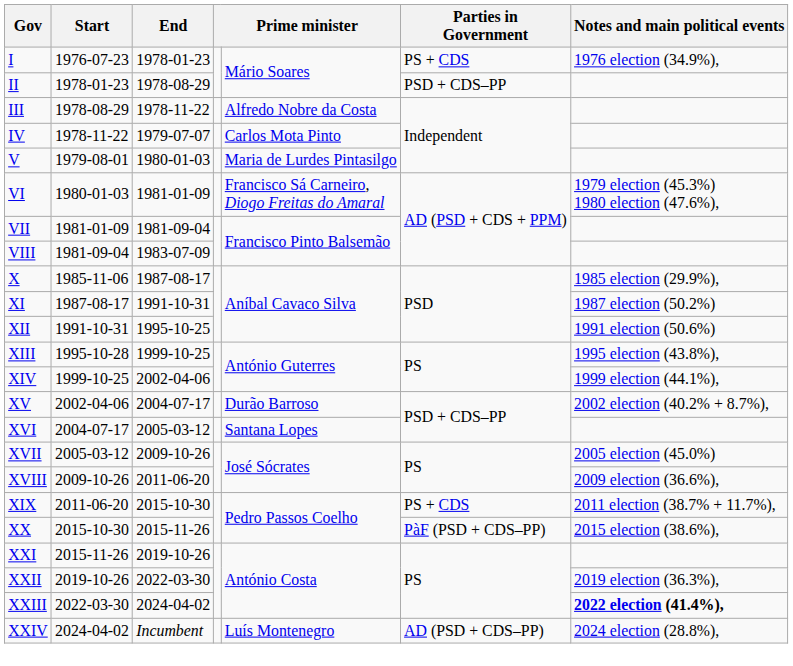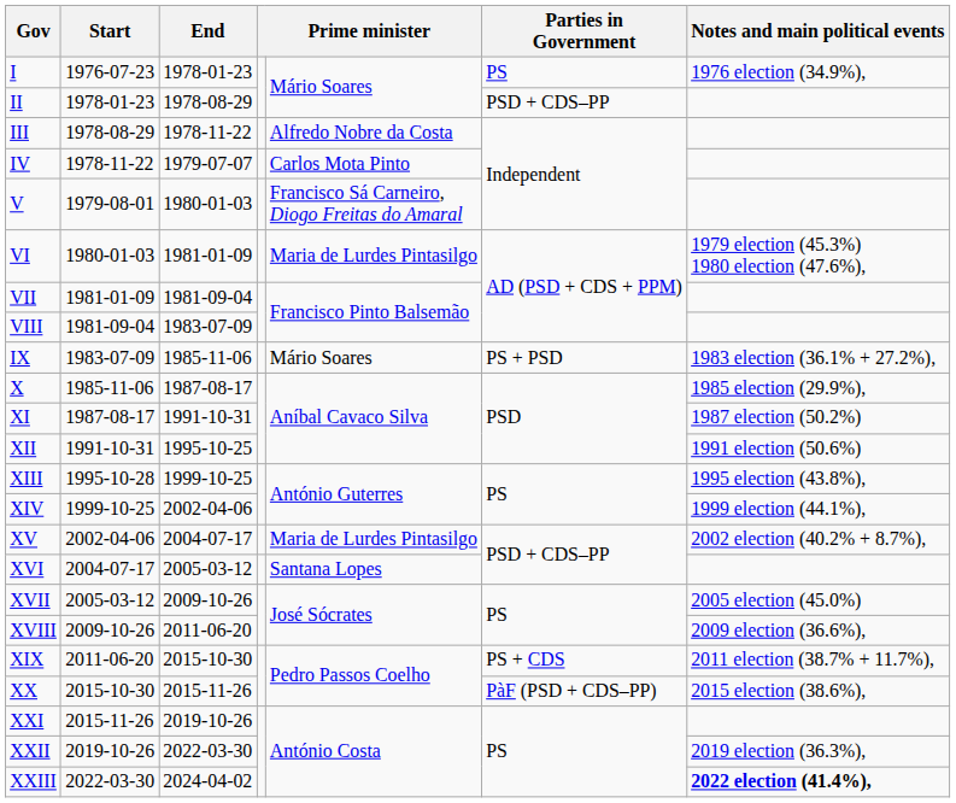 <table class="wikitable">
 <tr>
 <th>Gov</th>
 <th>Start</th>
 <th>End</th>
 <th colspan=2>Prime minister</th>
 <th>Parties in<br>Government</th>
 <th>Notes and main political events</th>
 </tr>
 <tr>
 <td><a href='#'>I</a></td>
 <td>1976-07-23</td>
 <td>1978-01-23</td>
 <td rowspan="2" style="background:"></td>
 <td rowspan="2"><a href='#'>Mário Soares</a></td>
-<td>PS + <a href='#'>CDS</a></td>
+<td><a href='#'>PS</a></td>
 <td><a href='#'>1976 election</a> (34.9%), </td>
 </tr>
 <tr>
 <td><a href='#'>II</a></td>
 <td>1978-01-23</td>
 <td>1978-08-29</td>
 <td>PSD + CDS–PP</td>
 <td></td>
 </tr>
 <tr>
 <td><a href='#'>III</a></td>
 <td>1978-08-29</td>
 <td>1978-11-22</td>
 <td style="background:"></td>
 <td><a href='#'>Alfredo Nobre da Costa</a></td>
 <td rowspan="3">Independent</td>
 <td></td>
 </tr>
 <tr>
 <td><a href='#'>IV</a></td>
 <td>1978-11-22</td>
 <td>1979-07-07</td>
 <td style="background:"></td>
 <td><a href='#'>Carlos Mota Pinto</a></td>
 <td></td>
 </tr>
 <tr>
 <td><a href='#'>V</a></td>
 <td>1979-08-01</td>
 <td>1980-01-03</td>
 <td style="background:"></td>
-<td><a href='#'>Maria de Lurdes Pintasilgo</a></td>
+<td><a href='#'>Francisco Sá Carneiro</a>,<br><em><a href='#'>Diogo Freitas do Amaral</a></em></td>
 <td></td>
 </tr>
 <tr>
 <td><a href='#'>VI</a></td>
 <td>1980-01-03</td>
 <td>1981-01-09</td>
 <td style="background: linear-gradient("></td>
-<td><a href='#'>Francisco Sá Carneiro</a>,<br><em><a href='#'>Diogo Freitas do Amaral</a></em></td>
+<td><a href='#'>Maria de Lurdes Pintasilgo</a></td>
 <td rowspan="3"><a href='#'>AD</a> (<a href='#'>PSD</a> + CDS + <a href='#'>PPM</a>)</td>
 <td><a href='#'>1979 election</a> (45.3%)<br><a href='#'>1980 election</a> (47.6%), </td>
 </tr>
 <tr>
 <td><a href='#'>VII</a></td>
 <td>1981-01-09</td>
 <td>1981-09-04</td>
 <td rowspan="2" style="background:"></td>
 <td rowspan="2"><a href='#'>Francisco Pinto Balsemão</a></td>
 <td></td>
 </tr>
 <tr>
 <td><a href='#'>VIII</a></td>
 <td>1981-09-04</td>
 <td>1983-07-09</td>
 <td></td>
+</tr>
+<tr>
+<td><a href='#'>IX</a></td>
+<td>1983-07-09</td>
+<td>1985-11-06</td>
+<td style="background:"></td>
+<td>Mário Soares</td>
+<td>PS + PSD</td>
+<td><a href='#'>1983 election</a> (36.1% + 27.2%), </td>
 </tr>
 <tr>
 <td><a href='#'>X</a></td>
 <td>1985-11-06</td>
 <td>1987-08-17</td>
 <td rowspan="3" style="background:"></td>
 <td rowspan="3"><a href='#'>Aníbal Cavaco Silva</a></td>
 <td rowspan="3">PSD</td>
 <td><a href='#'>1985 election</a> (29.9%), </td>
 </tr>
 <tr>
 <td><a href='#'>XI</a></td>
 <td>1987-08-17</td>
 <td>1991-10-31</td>
 <td><a href='#'>1987 election</a> (50.2%)</td>
 </tr>
 <tr>
 <td><a href='#'>XII</a></td>
 <td>1991-10-31</td>
 <td>1995-10-25</td>
 <td><a href='#'>1991 election</a> (50.6%)</td>
 </tr>
 <tr>
 <td><a href='#'>XIII</a></td>
 <td>1995-10-28</td>
 <td>1999-10-25</td>
 <td rowspan="2" style="background:"></td>
 <td rowspan="2"><a href='#'>António Guterres</a></td>
 <td rowspan="2">PS</td>
 <td><a href='#'>1995 election</a> (43.8%), </td>
 </tr>
 <tr>
 <td><a href='#'>XIV</a></td>
 <td>1999-10-25</td>
 <td>2002-04-06</td>
 <td><a href='#'>1999 election</a> (44.1%), </td>
 </tr>
 <tr>
 <td><a href='#'>XV</a></td>
 <td>2002-04-06</td>
 <td>2004-07-17</td>
 <td style="background:"></td>
-<td><a href='#'>Durão Barroso</a></td>
+<td><a href='#'>Maria de Lurdes Pintasilgo</a></td>
 <td rowspan="2">PSD + CDS–PP</td>
 <td><a href='#'>2002 election</a> (40.2% + 8.7%), </td>
 </tr>
 <tr>
 <td><a href='#'>XVI</a></td>
 <td>2004-07-17</td>
 <td>2005-03-12</td>
 <td style="background:"></td>
 <td><a href='#'>Santana Lopes</a></td>
 <td></td>
 </tr>
 <tr>
 <td><a href='#'>XVII</a></td>
 <td>2005-03-12</td>
 <td>2009-10-26</td>
 <td rowspan="2" style="background:"></td>
 <td rowspan="2"><a href='#'>José Sócrates</a></td>
 <td rowspan="2">PS</td>
 <td><a href='#'>2005 election</a> (45.0%)</td>
 </tr>
 <tr>
 <td><a href='#'>XVIII</a></td>
 <td>2009-10-26</td>
 <td>2011-06-20</td>
 <td><a href='#'>2009 election</a> (36.6%), </td>
 </tr>
 <tr>
 <td><a href='#'>XIX</a></td>
 <td>2011-06-20</td>
 <td>2015-10-30</td>
 <td rowspan="2" style="background:"></td>
 <td rowspan="2"><a href='#'>Pedro Passos Coelho</a></td>
 <td>PS + <a href='#'>CDS</a></td>
 <td><a href='#'>2011 election</a> (38.7% + 11.7%), </td>
 </tr>
 <tr>
 <td><a href='#'>XX</a></td>
 <td>2015-10-30</td>
 <td>2015-11-26</td>
 <td><a href='#'>PàF</a> (PSD + CDS–PP)</td>
 <td><a href='#'>2015 election</a> (38.6%), </td>
 </tr>
 <tr>
 <td><a href='#'>XXI</a></td>
 <td>2015-11-26</td>
 <td>2019-10-26</td>
 <td rowspan="3" style="background:"></td>
 <td rowspan="3"><a href='#'>António Costa</a></td>
 <td rowspan="3">PS</td>
 <td></td>
 </tr>
 <tr>
 <td><a href='#'>XXII</a></td>
 <td>2019-10-26</td>
 <td>2022-03-30</td>
 <td><a href='#'>2019 election</a> (36.3%), </td>
 </tr>
 <tr>
 <td><a href='#'>XXIII</a></td>
 <td>2022-03-30</td>
 <td>2024-04-02</td>
 <td><strong><a href='#'>2022 election</a> (41.4%), </strong></td>
 </tr>
-<tr>
-<td><a href='#'>XXIV</a></td>
-<td>2024-04-02</td>
-<td><em>Incumbent</em></td>
-<td style="background:"></td>
-<td><a href='#'>Luís Montenegro</a></td>
-<td><a href='#'>AD</a> (PSD + CDS–PP)</td>
-<td><a href='#'>2024 election</a> (28.8%), </td>
-</tr>
 </table>
